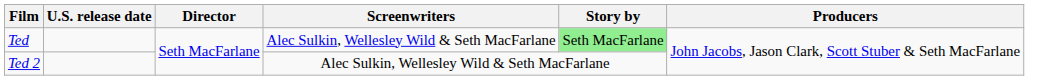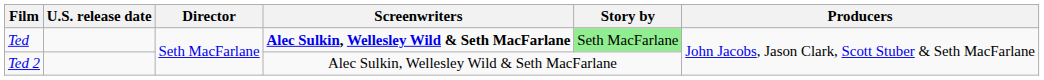 <table class="wikitable plainrowheaders" style="text-align:center;">
 <tr>
 <th>Film</th>
 <th>U.S. release date</th>
 <th>Director</th>
 <th>Screenwriters</th>
 <th>Story by</th>
 <th>Producers</th>
 </tr>
 <tr>
 <td style="text-align:left"><em><a href='#'>Ted</a></em></td>
 <td style="text-align:left"></td>
 <td rowspan="2"><a href='#'>Seth MacFarlane</a></td>
-<td><a href='#'>Alec Sulkin</a>, <a href='#'>Wellesley Wild</a> & Seth MacFarlane</td>
+<td><strong><a href='#'>Alec Sulkin</a>, <a href='#'>Wellesley Wild</a> & Seth MacFarlane</strong></td>
 <td style="background: lightgreen;">Seth MacFarlane</td>
 <td rowspan="2"><a href='#'>John Jacobs</a>, Jason Clark, <a href='#'>Scott Stuber</a> & Seth MacFarlane</td>
 </tr>
 <tr>
 <td style="text-align:left"><em><a href='#'>Ted 2</a></em></td>
 <td style="text-align:left"></td>
 <td colspan="2">Alec Sulkin, Wellesley Wild & Seth MacFarlane</td>
 </tr>
 </table>
